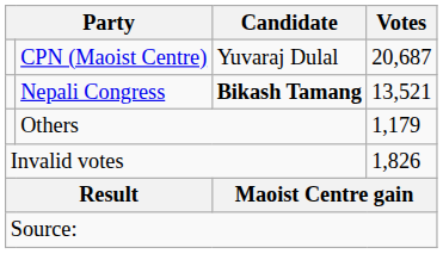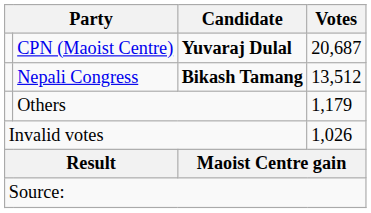 <table class="wikitable">
 <tr>
 <th colspan="2">Party</th>
 <th>Candidate</th>
 <th>Votes</th>
 </tr>
 <tr>
 <td style="background-color:"></td>
 <td><a href='#'>CPN (Maoist Centre)</a></td>
-<td>Yuvaraj Dulal</td>
+<td><strong>Yuvaraj Dulal</strong></td>
 <td>20,687</td>
 </tr>
 <tr>
 <td style="background-color:"></td>
 <td><a href='#'>Nepali Congress</a></td>
 <td><strong>Bikash Tamang</strong></td>
-<td>13,521</td>
+<td>13,512</td>
 </tr>
 <tr>
 <td></td>
 <td colspan="2">Others</td>
 <td>1,179</td>
 </tr>
 <tr>
 <td colspan="3">Invalid votes</td>
-<td>1,826</td>
+<td>1,026</td>
 </tr>
 <tr>
 <th colspan="2">Result</th>
 <th colspan="2">Maoist Centre gain</th>
 </tr>
 <tr>
 <td colspan="4">Source: </td>
 </tr>
 </table>
